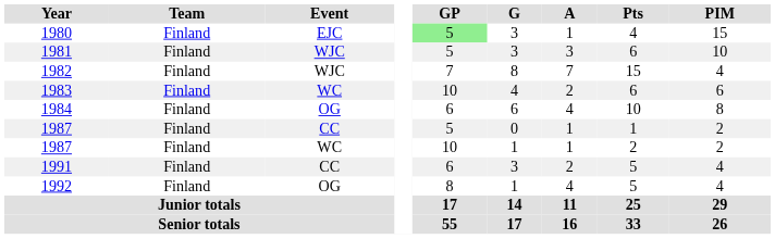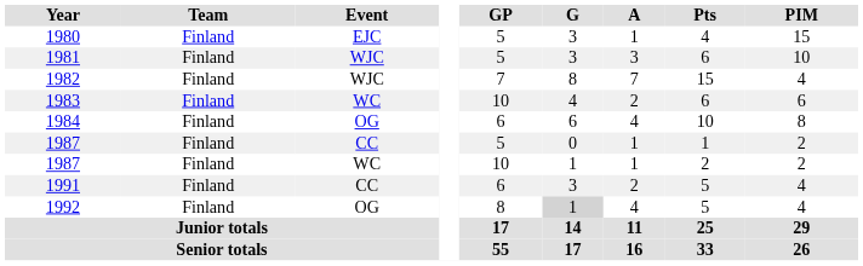 <table border="0" cellpadding="1" cellspacing="0" style="text-align:center; width:50em">
 <tr ALIGN="center" bgcolor="#e0e0e0">
 <th>Year</th>
 <th>Team</th>
 <th>Event</th>
 <th rowspan="99" bgcolor="#ffffff"> </th>
 <th>GP</th>
 <th>G</th>
 <th>A</th>
 <th>Pts</th>
 <th>PIM</th>
 </tr>
 <tr>
 <td><a href='#'>1980</a></td>
 <td><a href='#'>Finland</a></td>
 <td><a href='#'>EJC</a></td>
-<td style="background: lightgreen;">5</td>
+<td>5</td>
 <td>3</td>
 <td>1</td>
 <td>4</td>
 <td>15</td>
 </tr>
 <tr bgcolor="#f0f0f0">
 <td><a href='#'>1981</a></td>
 <td>Finland</td>
 <td><a href='#'>WJC</a></td>
 <td>5</td>
 <td>3</td>
 <td>3</td>
 <td>6</td>
 <td>10</td>
 </tr>
 <tr>
 <td><a href='#'>1982</a></td>
 <td>Finland</td>
 <td>WJC</td>
 <td>7</td>
 <td>8</td>
 <td>7</td>
 <td>15</td>
 <td>4</td>
 </tr>
 <tr bgcolor="#f0f0f0">
 <td><a href='#'>1983</a></td>
 <td><a href='#'>Finland</a></td>
 <td><a href='#'>WC</a></td>
 <td>10</td>
 <td>4</td>
 <td>2</td>
 <td>6</td>
 <td>6</td>
 </tr>
 <tr>
 <td><a href='#'>1984</a></td>
 <td>Finland</td>
 <td><a href='#'>OG</a></td>
 <td>6</td>
 <td>6</td>
 <td>4</td>
 <td>10</td>
 <td>8</td>
 </tr>
 <tr bgcolor="#f0f0f0">
 <td><a href='#'>1987</a></td>
 <td>Finland</td>
 <td><a href='#'>CC</a></td>
 <td>5</td>
 <td>0</td>
 <td>1</td>
 <td>1</td>
 <td>2</td>
 </tr>
 <tr>
 <td><a href='#'>1987</a></td>
 <td>Finland</td>
 <td>WC</td>
 <td>10</td>
 <td>1</td>
 <td>1</td>
 <td>2</td>
 <td>2</td>
 </tr>
 <tr bgcolor="#f0f0f0">
 <td><a href='#'>1991</a></td>
 <td>Finland</td>
 <td>CC</td>
 <td>6</td>
 <td>3</td>
 <td>2</td>
 <td>5</td>
 <td>4</td>
 </tr>
 <tr>
 <td><a href='#'>1992</a></td>
 <td>Finland</td>
 <td>OG</td>
 <td>8</td>
-<td>1</td>
+<td style="background: lightgrey;">1</td>
 <td>4</td>
 <td>5</td>
 <td>4</td>
 </tr>
 <tr bgcolor="#e0e0e0">
 <th colspan=3>Junior totals</th>
 <th>17</th>
 <th>14</th>
 <th>11</th>
 <th>25</th>
 <th>29</th>
 </tr>
 <tr bgcolor="#e0e0e0">
 <th colspan=3>Senior totals</th>
 <th>55</th>
 <th>17</th>
 <th>16</th>
 <th>33</th>
 <th>26</th>
 </tr>
 </table>
